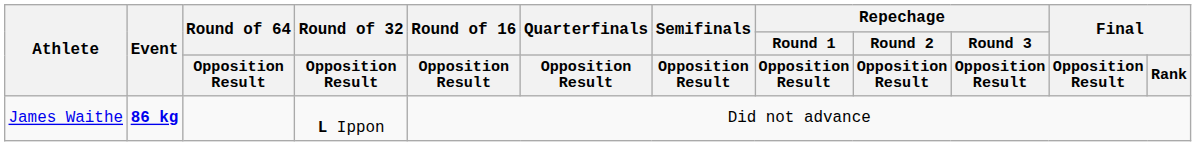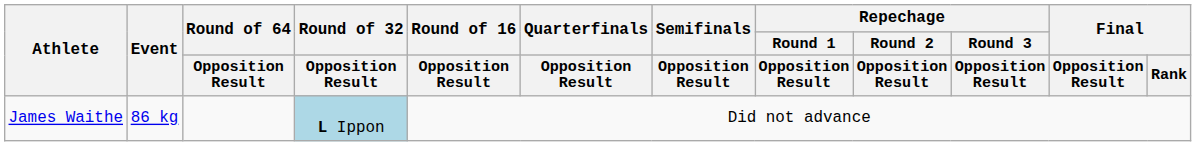 <table class="wikitable" style="font-size:90%">
 <tr>
 <th rowspan="3">Athlete</th>
 <th rowspan="3">Event</th>
 <th rowspan="2">Round of 64</th>
 <th rowspan="2">Round of 32</th>
 <th rowspan="2">Round of 16</th>
 <th rowspan="2">Quarterfinals</th>
 <th rowspan="2">Semifinals</th>
 <th colspan=3>Repechage</th>
 <th rowspan="2" colspan=2>Final</th>
 </tr>
 <tr style="font-size:95%">
 <th>Round 1</th>
 <th>Round 2</th>
 <th>Round 3</th>
 </tr>
 <tr style="font-size:95%">
 <th>Opposition<br>Result</th>
 <th>Opposition<br>Result</th>
 <th>Opposition<br>Result</th>
 <th>Opposition<br>Result</th>
 <th>Opposition<br>Result</th>
 <th>Opposition<br>Result</th>
 <th>Opposition<br>Result</th>
 <th>Opposition<br>Result</th>
 <th>Opposition<br>Result</th>
 <th>Rank</th>
 </tr>
 <tr align=center>
 <td align=left><a href='#'>James Waithe</a></td>
-<td align=left><strong><a href='#'>86 kg</a></strong></td>
+<td align=left><a href='#'>86 kg</a></td>
 <td></td>
-<td><br><strong>L</strong> Ippon</td>
+<td style="background: lightblue;"><br><strong>L</strong> Ippon</td>
 <td colspan=8>Did not advance</td>
 </tr>
 </table>
